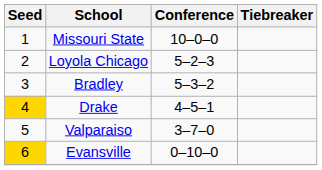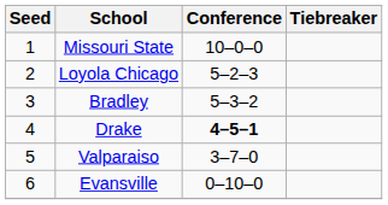 <table class="wikitable" style="text-align:center">
 <tr>
 <th>Seed</th>
 <th>School</th>
 <th>Conference</th>
 <th>Tiebreaker</th>
 </tr>
 <tr>
 <td>1</td>
 <td><a href='#'>Missouri State</a></td>
 <td>10–0–0</td>
 <td></td>
 </tr>
 <tr>
 <td>2</td>
 <td><a href='#'>Loyola Chicago</a></td>
 <td>5–2–3</td>
 <td></td>
 </tr>
 <tr>
 <td>3</td>
 <td><a href='#'>Bradley</a></td>
 <td>5–3–2</td>
 <td></td>
 </tr>
 <tr>
-<td style="background: gold;">4</td>
+<td>4</td>
 <td><a href='#'>Drake</a></td>
-<td>4–5–1</td>
+<td><strong>4–5–1</strong></td>
 <td></td>
 </tr>
 <tr>
 <td>5</td>
 <td><a href='#'>Valparaiso</a></td>
 <td>3–7–0</td>
 <td></td>
 </tr>
 <tr>
-<td style="background: gold;">6</td>
+<td>6</td>
 <td><a href='#'>Evansville</a></td>
 <td>0–10–0</td>
 <td></td>
 </tr>
 <tr>
 </tr>
 </table>
